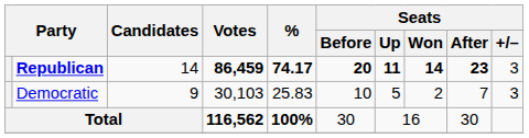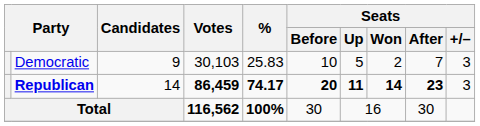 <table class="wikitable">
 <tr>
 <th rowspan="2" colspan="2">Party</th>
 <th rowspan="2">Candidates</th>
 <th rowspan="2">Votes</th>
 <th rowspan="2">%</th>
 <th colspan="5">Seats</th>
 </tr>
 <tr>
 <th>Before<br></th>
 <th>Up</th>
 <th>Won</th>
 <th>After<br></th>
 <th>+/–</th>
 </tr>
 <tr>
 <th style="background-color:"></th>
+<td><a href='#'>Democratic</a></td>
+<td align="right">9</td>
+<td align="right">30,103</td>
+<td align="right">25.83</td>
+<td align="right">10</td>
+<td align="right">5</td>
+<td align="right">2</td>
+<td align="right">7</td>
+<td align="right"> 3</td>
+</tr>
+<tr>
+<th style="background-color:"></th>
 <td><strong><a href='#'>Republican</a></strong></td>
 <td align="right">14</td>
 <td align="right"><strong>86,459</strong></td>
 <td align="right"><strong>74.17</strong></td>
 <td align="right"><strong>20</strong></td>
 <td align="right"><strong>11</strong></td>
 <td align="right"><strong>14</strong></td>
 <td align="right"><strong>23</strong></td>
-<td align="right"> 3</td>
-</tr>
-<tr>
-<th style="background-color:"></th>
-<td><a href='#'>Democratic</a></td>
-<td align="right">9</td>
-<td align="right">30,103</td>
-<td align="right">25.83</td>
-<td align="right">10</td>
-<td align="right">5</td>
-<td align="right">2</td>
-<td align="right">7</td>
 <td align="right"> 3</td>
 </tr>
 <tr>
 <th colspan="3">Total</th>
 <td align="right"><strong>116,562</strong></td>
 <td align="right"><strong>100%</strong></td>
 <td align="center">30</td>
 <td colspan="2" align="center">16</td>
 <td align="center">30</td>
 <td align="right"></td>
 </tr>
 <tr>
 </tr>
 </table>
